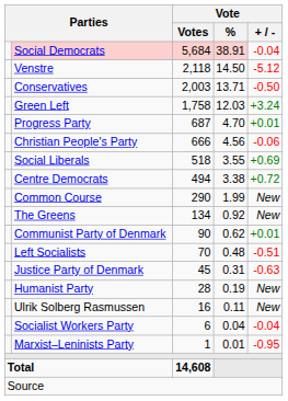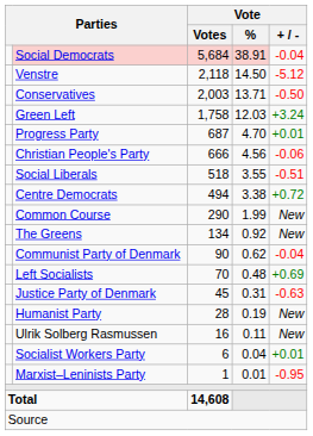 <table class="wikitable" style="text-align:right;">
 <tr>
 <th style="text-align:centre;" rowspan="2" colspan="2" width="225">Parties</th>
 <th colspan="3">Vote</th>
 </tr>
 <tr>
 <th width="15">Votes</th>
 <th width="15">%</th>
 <th width="15">+ / -</th>
 </tr>
 <tr>
 <td width="2" style="color:inherit;background:"></td>
 <td bgcolor=#fbd0ce  align="left"><a href='#'>Social Democrats</a></td>
 <td bgcolor=#fbd0ce>5,684</td>
 <td bgcolor=#fbd0ce>38.91</td>
 <td style=color:red;>-0.04</td>
 </tr>
 <tr>
 <td width="2" style="color:inherit;background:"></td>
 <td align="left"><a href='#'>Venstre</a></td>
 <td>2,118</td>
 <td>14.50</td>
 <td style=color:red;>-5.12</td>
 </tr>
 <tr>
 <td width="2" style="color:inherit;background:"></td>
 <td align="left"><a href='#'>Conservatives</a></td>
 <td>2,003</td>
 <td>13.71</td>
 <td style=color:red;>-0.50</td>
 </tr>
 <tr>
 <td width="2" style="color:inherit;background:"></td>
 <td align="left"><a href='#'>Green Left</a></td>
 <td>1,758</td>
 <td>12.03</td>
 <td style=color:green;>+3.24</td>
 </tr>
 <tr>
 <td width="2" style="color:inherit;background:"></td>
 <td align="left"><a href='#'>Progress Party</a></td>
 <td>687</td>
 <td>4.70</td>
 <td style=color:green;>+0.01</td>
 </tr>
 <tr>
 <td width="2" style="color:inherit;background:"></td>
 <td align="left"><a href='#'>Christian People's Party</a></td>
 <td>666</td>
 <td>4.56</td>
 <td style=color:red;>-0.06</td>
 </tr>
 <tr>
 <td width="2" style="color:inherit;background:"></td>
 <td align="left"><a href='#'>Social Liberals</a></td>
 <td>518</td>
 <td>3.55</td>
-<td style=color:green;>+0.69</td>
+<td style=color:red;>-0.51</td>
 </tr>
 <tr>
 <td width="2" style="color:inherit;background:"></td>
 <td align="left"><a href='#'>Centre Democrats</a></td>
 <td>494</td>
 <td>3.38</td>
 <td style=color:green;>+0.72</td>
 </tr>
 <tr>
 <td width="2" style="color:inherit;background:"></td>
 <td align="left"><a href='#'>Common Course</a></td>
 <td>290</td>
 <td>1.99</td>
 <td><em>New</em></td>
 </tr>
 <tr>
 <td width="2" style="color:inherit;background:"></td>
 <td align="left"><a href='#'>The Greens</a></td>
 <td>134</td>
 <td>0.92</td>
 <td><em>New</em></td>
 </tr>
 <tr>
 <td width="2" style="color:inherit;background:"></td>
 <td align="left"><a href='#'>Communist Party of Denmark</a></td>
 <td>90</td>
 <td>0.62</td>
-<td style=color:green;>+0.01</td>
+<td style=color:red;>-0.04</td>
 </tr>
 <tr>
 <td width="2" style="color:inherit;background:"></td>
 <td align="left"><a href='#'>Left Socialists</a></td>
 <td>70</td>
 <td>0.48</td>
-<td style=color:red;>-0.51</td>
+<td style=color:green;>+0.69</td>
 </tr>
 <tr>
 <td width="2" style="color:inherit;background:"></td>
 <td align="left"><a href='#'>Justice Party of Denmark</a></td>
 <td>45</td>
 <td>0.31</td>
 <td style=color:red;>-0.63</td>
 </tr>
 <tr>
 <td width="2" style="color:inherit;background:"></td>
 <td align="left"><a href='#'>Humanist Party</a></td>
 <td>28</td>
 <td>0.19</td>
 <td><em>New</em></td>
 </tr>
 <tr>
 <td width="2" style="color:inherit;background:"></td>
 <td align="left">Ulrik Solberg Rasmussen</td>
 <td>16</td>
 <td>0.11</td>
 <td><em>New</em></td>
 </tr>
 <tr>
 <td width="2" style="color:inherit;background:"></td>
 <td align="left"><a href='#'>Socialist Workers Party</a></td>
 <td>6</td>
 <td>0.04</td>
-<td style=color:red;>-0.04</td>
+<td style=color:green;>+0.01</td>
 </tr>
 <tr>
 <td width="2" style="color:inherit;background:"></td>
 <td align="left"><a href='#'>Marxist–Leninists Party</a></td>
 <td>1</td>
 <td>0.01</td>
 <td style=color:red;>-0.95</td>
 </tr>
 <tr>
 <td colspan="7" bgcolor="#E9E9E9"></td>
 </tr>
 <tr>
 <td align="left" colspan="2"><strong>Total</strong></td>
 <td><strong>14,608</strong></td>
 <td bgcolor="#E9E9E9" colspan="2"></td>
 </tr>
 <tr>
 <td align="left" colspan="6">Source</td>
 </tr>
 </table>
